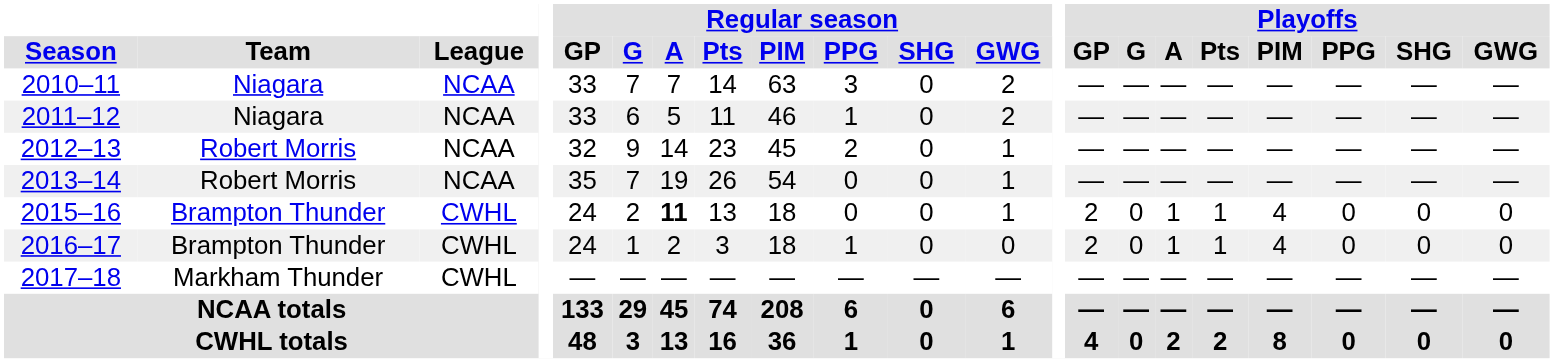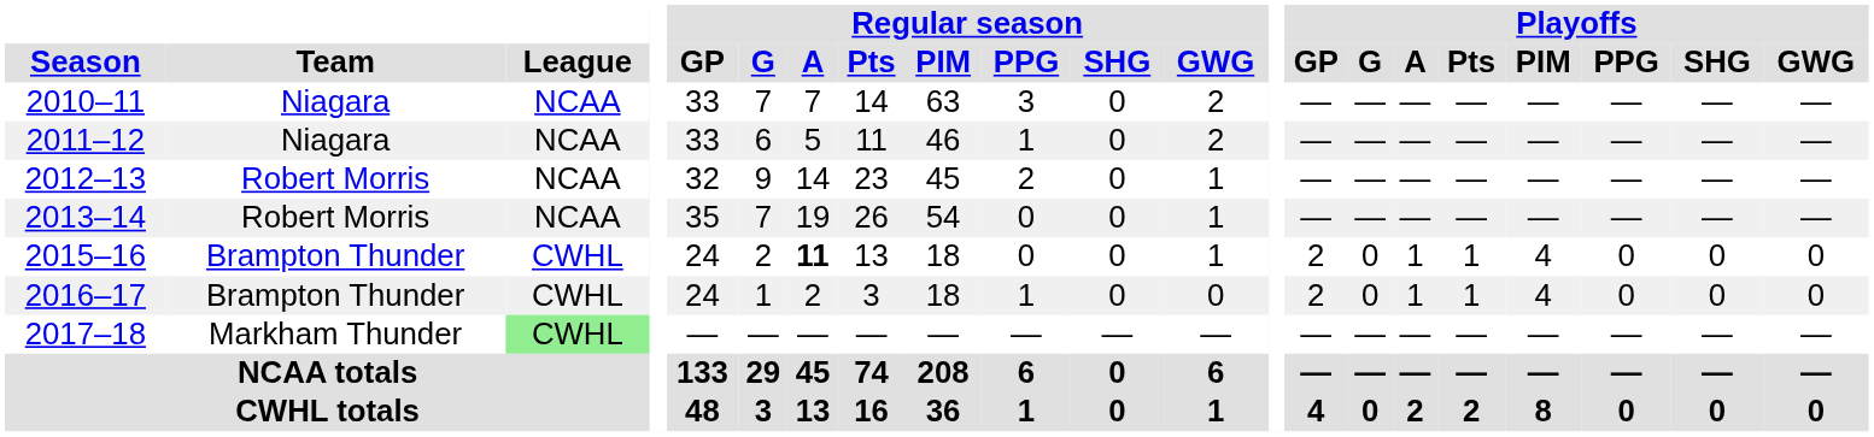 <table border="0" cellpadding="1" cellspacing="0" style="text-align:center; width:60em;">
 <tr style="background:#e0e0e0;">
 <th colspan="3"  bgcolor="#ffffff"> </th>
 <th rowspan="99" bgcolor="#ffffff"> </th>
 <th colspan="8"><a href='#'>Regular season</a></th>
 <th rowspan="99" bgcolor="#ffffff"> </th>
 <th colspan="8"><a href='#'>Playoffs</a></th>
 </tr>
 <tr style="background:#e0e0e0;">
 <th><a href='#'>Season</a></th>
 <th>Team</th>
 <th>League</th>
 <th>GP</th>
 <th><a href='#'>G</a></th>
 <th><a href='#'>A</a></th>
 <th><a href='#'>Pts</a></th>
 <th><a href='#'>PIM</a></th>
 <th><a href='#'>PPG</a></th>
 <th><a href='#'>SHG</a></th>
 <th><a href='#'>GWG</a></th>
 <th>GP</th>
 <th>G</th>
 <th>A</th>
 <th>Pts</th>
 <th>PIM</th>
 <th>PPG</th>
 <th>SHG</th>
 <th>GWG</th>
 </tr>
 <tr>
 <td><a href='#'>2010–11</a></td>
 <td><a href='#'>Niagara</a></td>
 <td><a href='#'>NCAA</a></td>
 <td>33</td>
 <td>7</td>
 <td>7</td>
 <td>14</td>
 <td>63</td>
 <td>3</td>
 <td>0</td>
 <td>2</td>
 <td>—</td>
 <td>—</td>
 <td>—</td>
 <td>—</td>
 <td>—</td>
 <td>—</td>
 <td>—</td>
 <td>—</td>
 </tr>
 <tr bgcolor="#f0f0f0">
 <td><a href='#'>2011–12</a></td>
 <td>Niagara</td>
 <td>NCAA</td>
 <td>33</td>
 <td>6</td>
 <td>5</td>
 <td>11</td>
 <td>46</td>
 <td>1</td>
 <td>0</td>
 <td>2</td>
 <td>—</td>
 <td>—</td>
 <td>—</td>
 <td>—</td>
 <td>—</td>
 <td>—</td>
 <td>—</td>
 <td>—</td>
 </tr>
 <tr>
 <td><a href='#'>2012–13</a></td>
 <td><a href='#'>Robert Morris</a></td>
 <td>NCAA</td>
 <td>32</td>
 <td>9</td>
 <td>14</td>
 <td>23</td>
 <td>45</td>
 <td>2</td>
 <td>0</td>
 <td>1</td>
 <td>—</td>
 <td>—</td>
 <td>—</td>
 <td>—</td>
 <td>—</td>
 <td>—</td>
 <td>—</td>
 <td>—</td>
 </tr>
 <tr bgcolor="#f0f0f0">
 <td><a href='#'>2013–14</a></td>
 <td>Robert Morris</td>
 <td>NCAA</td>
 <td>35</td>
 <td>7</td>
 <td>19</td>
 <td>26</td>
 <td>54</td>
 <td>0</td>
 <td>0</td>
 <td>1</td>
 <td>—</td>
 <td>—</td>
 <td>—</td>
 <td>—</td>
 <td>—</td>
 <td>—</td>
 <td>—</td>
 <td>—</td>
 </tr>
 <tr>
 <td><a href='#'>2015–16</a></td>
 <td><a href='#'>Brampton Thunder</a></td>
 <td><a href='#'>CWHL</a></td>
 <td>24</td>
 <td>2</td>
 <td><strong>11</strong></td>
 <td>13</td>
 <td>18</td>
 <td>0</td>
 <td>0</td>
 <td>1</td>
 <td>2</td>
 <td>0</td>
 <td>1</td>
 <td>1</td>
 <td>4</td>
 <td>0</td>
 <td>0</td>
 <td>0</td>
 </tr>
 <tr bgcolor="#f0f0f0">
 <td><a href='#'>2016–17</a></td>
 <td>Brampton Thunder</td>
 <td>CWHL</td>
 <td>24</td>
 <td>1</td>
 <td>2</td>
 <td>3</td>
 <td>18</td>
 <td>1</td>
 <td>0</td>
 <td>0</td>
 <td>2</td>
 <td>0</td>
 <td>1</td>
 <td>1</td>
 <td>4</td>
 <td>0</td>
 <td>0</td>
 <td>0</td>
 </tr>
 <tr>
 <td><a href='#'>2017–18</a></td>
 <td>Markham Thunder</td>
-<td>CWHL</td>
+<td style="background: lightgreen;">CWHL</td>
 <td>—</td>
 <td>—</td>
 <td>—</td>
 <td>—</td>
 <td>—</td>
 <td>—</td>
 <td>—</td>
 <td>—</td>
 <td>—</td>
 <td>—</td>
 <td>—</td>
 <td>—</td>
 <td>—</td>
 <td>—</td>
 <td>—</td>
 <td>—</td>
 </tr>
 <tr bgcolor="#e0e0e0">
 <th colspan="3">NCAA totals</th>
 <th>133</th>
 <th>29</th>
 <th>45</th>
 <th>74</th>
 <th>208</th>
 <th>6</th>
 <th>0</th>
 <th>6</th>
 <th>—</th>
 <th>—</th>
 <th>—</th>
 <th>—</th>
 <th>—</th>
 <th>—</th>
 <th>—</th>
 <th>—</th>
 </tr>
 <tr bgcolor="#e0e0e0">
 <th colspan="3">CWHL totals</th>
 <th>48</th>
 <th>3</th>
 <th>13</th>
 <th>16</th>
 <th>36</th>
 <th>1</th>
 <th>0</th>
 <th>1</th>
 <th>4</th>
 <th>0</th>
 <th>2</th>
 <th>2</th>
 <th>8</th>
 <th>0</th>
 <th>0</th>
 <th>0</th>
 </tr>
 </table>
